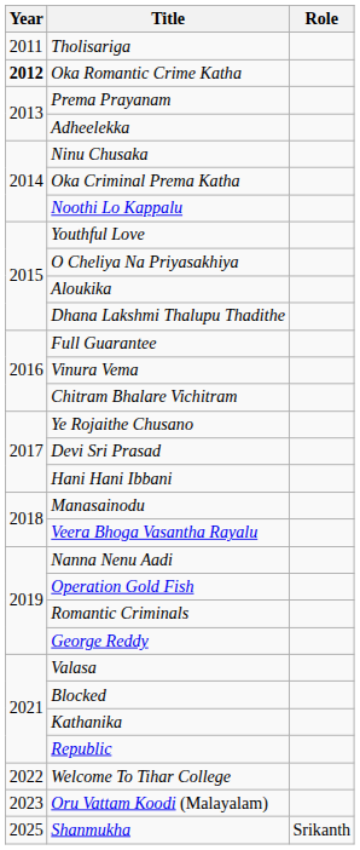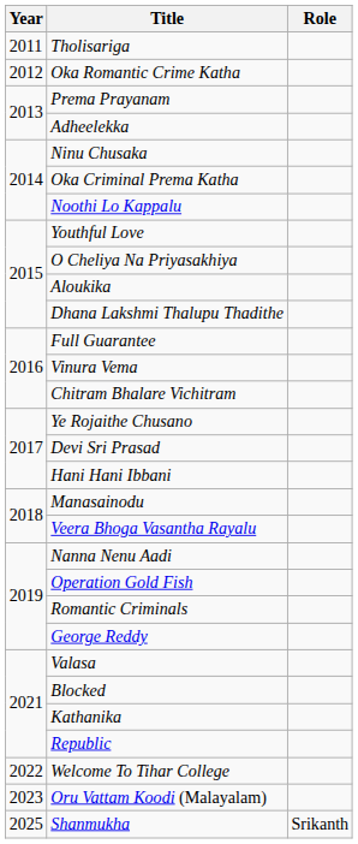 <table class="wikitable sortable">
 <tr>
 <th>Year</th>
 <th>Title</th>
 <th>Role</th>
 </tr>
 <tr>
 <td>2011</td>
 <td><em>Tholisariga</em></td>
 <td></td>
 </tr>
 <tr>
-<td><strong>2012</strong></td>
+<td>2012</td>
 <td><em>Oka Romantic Crime Katha</em></td>
 <td></td>
 </tr>
 <tr>
 <td rowspan="2">2013</td>
 <td><em>Prema Prayanam</em></td>
 <td></td>
 </tr>
 <tr>
 <td><em>Adheelekka</em></td>
 <td></td>
 </tr>
 <tr>
 <td rowspan="3">2014</td>
 <td><em>Ninu Chusaka</em></td>
 <td></td>
 </tr>
 <tr>
 <td><em>Oka Criminal Prema Katha</em></td>
 <td></td>
 </tr>
 <tr>
 <td><em><a href='#'>Noothi Lo Kappalu</a></em></td>
 <td></td>
 </tr>
 <tr>
 <td rowspan="4">2015</td>
 <td><em>Youthful Love</em></td>
 <td></td>
 </tr>
 <tr>
 <td><em>O Cheliya Na Priyasakhiya</em></td>
 <td></td>
 </tr>
 <tr>
 <td><em>Aloukika</em></td>
 <td></td>
 </tr>
 <tr>
 <td><em>Dhana Lakshmi Thalupu Thadithe</em></td>
 <td></td>
 </tr>
 <tr>
 <td rowspan="3">2016</td>
 <td><em>Full Guarantee</em></td>
 <td></td>
 </tr>
 <tr>
 <td><em>Vinura Vema</em></td>
 <td></td>
 </tr>
 <tr>
 <td><em>Chitram Bhalare Vichitram</em></td>
 <td></td>
 </tr>
 <tr>
 <td rowspan="3">2017</td>
 <td><em>Ye Rojaithe Chusano</em></td>
 <td></td>
 </tr>
 <tr>
 <td><em>Devi Sri Prasad</em></td>
 <td></td>
 </tr>
 <tr>
 <td><em>Hani Hani Ibbani</em></td>
 <td></td>
 </tr>
 <tr>
 <td rowspan="2">2018</td>
 <td><em>Manasainodu</em></td>
 <td></td>
 </tr>
 <tr>
 <td><em><a href='#'>Veera Bhoga Vasantha Rayalu</a></em></td>
 <td></td>
 </tr>
 <tr>
 <td rowspan="4">2019</td>
 <td><em>Nanna Nenu Aadi</em></td>
 <td></td>
 </tr>
 <tr>
 <td><em><a href='#'>Operation Gold Fish</a></em></td>
 <td></td>
 </tr>
 <tr>
 <td><em>Romantic Criminals</em></td>
 <td></td>
 </tr>
 <tr>
 <td><em><a href='#'>George Reddy</a></em></td>
 <td></td>
 </tr>
 <tr>
 <td rowspan="4">2021</td>
 <td><em>Valasa</em></td>
 <td></td>
 </tr>
 <tr>
 <td><em>Blocked</em></td>
 <td></td>
 </tr>
 <tr>
 <td><em>Kathanika</em></td>
 <td></td>
 </tr>
 <tr>
 <td><em><a href='#'>Republic</a></em></td>
 <td></td>
 </tr>
 <tr>
 <td>2022</td>
 <td><em>Welcome To Tihar College</em></td>
 <td></td>
 </tr>
 <tr>
 <td>2023</td>
 <td><em><a href='#'>Oru Vattam Koodi</a></em> (Malayalam)</td>
 <td></td>
 </tr>
 <tr>
 <td>2025</td>
 <td><em><a href='#'>Shanmukha</a></em></td>
 <td>Srikanth</td>
 </tr>
 </table>
